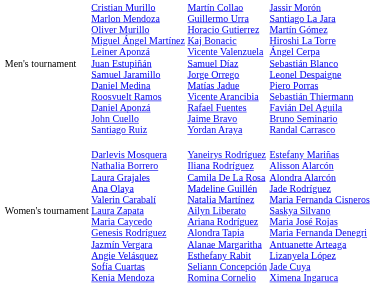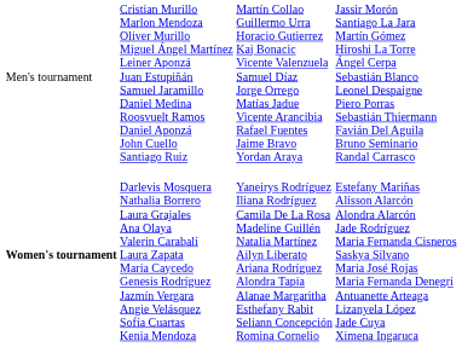 <table>
 <tr>
 <td>Men's tournament</td>
 <td><br><a href='#'>Cristian Murillo</a><br><a href='#'>Marlon Mendoza</a><br><a href='#'>Oliver Murillo</a><br><a href='#'>Miguel Ángel Martínez</a><br><a href='#'>Leiner Aponzá</a><br><a href='#'>Juan Estupiñán</a><br><a href='#'>Samuel Jaramillo</a><br><a href='#'>Daniel Medina</a><br><a href='#'>Roosvuelt Ramos</a><br><a href='#'>Daniel Aponzá</a><br><a href='#'>John Cuello</a><br><a href='#'>Santiago Ruiz</a></td>
 <td><br><a href='#'>Martín Collao</a><br><a href='#'>Guillermo Urra</a><br><a href='#'>Horacio Gutierrez</a><br><a href='#'>Kaj Bonacic</a><br><a href='#'>Vicente Valenzuela</a><br><a href='#'>Samuel Díaz</a><br><a href='#'>Jorge Orrego</a><br><a href='#'>Matías Jadue</a><br><a href='#'>Vicente Arancibia</a><br><a href='#'>Rafael Fuentes</a><br><a href='#'>Jaime Bravo</a><br><a href='#'>Yordan Araya</a></td>
 <td><br><a href='#'>Jassir Morón</a><br><a href='#'>Santiago La Jara</a><br><a href='#'>Martín Gómez</a><br><a href='#'>Hiroshi La Torre</a><br><a href='#'>Ángel Cerpa</a><br><a href='#'>Sebastián Blanco</a><br><a href='#'>Leonel Despaigne</a><br><a href='#'>Piero Porras</a><br><a href='#'>Sebastián Thiermann</a><br><a href='#'>Favián Del Aguila</a><br><a href='#'>Bruno Seminario</a><br><a href='#'>Randal Carrasco</a></td>
 </tr>
 <tr>
-<td>Women's tournament</td>
+<td><strong>Women's tournament</strong></td>
 <td><br><a href='#'>Darlevis Mosquera</a><br><a href='#'>Nathalia Borrero</a><br><a href='#'>Laura Grajales</a><br><a href='#'>Ana Olaya</a><br><a href='#'>Valerin Carabalí</a><br><a href='#'>Laura Zapata</a><br><a href='#'>Maria Caycedo</a><br><a href='#'>Genesis Rodríguez</a><br><a href='#'>Jazmín Vergara</a><br><a href='#'>Angie Velásquez</a><br><a href='#'>Sofía Cuartas</a><br><a href='#'>Kenia Mendoza</a></td>
 <td><br><a href='#'>Yaneirys Rodríguez</a><br><a href='#'>Iliana Rodríguez</a><br><a href='#'>Camila De La Rosa</a><br><a href='#'>Madeline Guillén</a><br><a href='#'>Natalia Martínez</a><br><a href='#'>Ailyn Liberato</a><br><a href='#'>Ariana Rodríguez</a><br><a href='#'>Alondra Tapia</a><br><a href='#'>Alanae Margaritha</a><br><a href='#'>Esthefany Rabit</a><br><a href='#'>Seliann Concepción</a><br><a href='#'>Romina Cornelio</a><br></td>
 <td><br><a href='#'>Estefany Mariñas</a><br><a href='#'>Alisson Alarcón</a><br><a href='#'>Alondra Alarcón</a><br><a href='#'>Jade Rodríguez</a><br><a href='#'>Maria Fernanda Cisneros</a><br><a href='#'>Saskya Silvano</a><br><a href='#'>Maria José Rojas</a><br><a href='#'>Maria Fernanda Denegri</a><br><a href='#'>Antuanette Arteaga</a><br><a href='#'>Lizanyela López</a><br><a href='#'>Jade Cuya</a><br><a href='#'>Ximena Ingaruca</a></td>
 </tr>
 </table>
